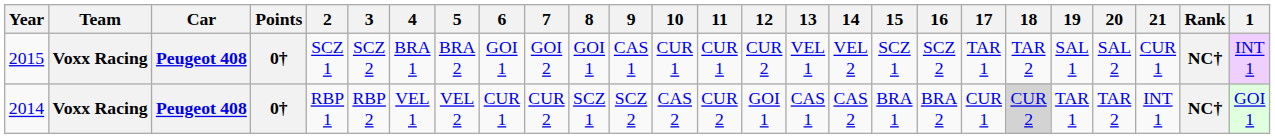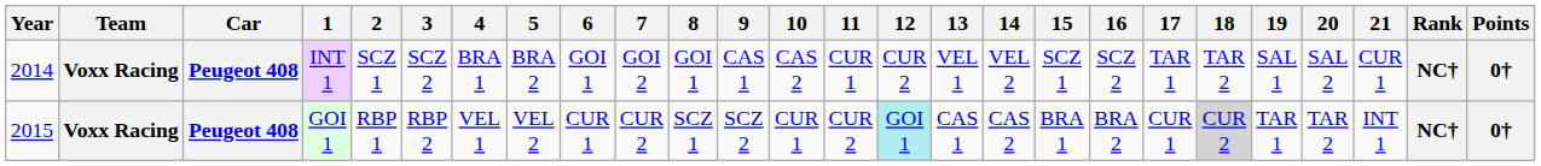 <table class="wikitable" style="text-align:center; font-size:85%">
 <tr>
 <th>Year</th>
 <th>Team</th>
 <th>Car</th>
-<th>Points</th>
+<th>1</th>
 <th>2</th>
 <th>3</th>
 <th>4</th>
 <th>5</th>
 <th>6</th>
 <th>7</th>
 <th>8</th>
 <th>9</th>
 <th>10</th>
 <th>11</th>
 <th>12</th>
 <th>13</th>
 <th>14</th>
 <th>15</th>
 <th>16</th>
 <th>17</th>
 <th>18</th>
 <th>19</th>
 <th>20</th>
 <th>21</th>
 <th>Rank</th>
-<th>1</th>
+<th>Points</th>
 </tr>
 <tr>
-<td><a href='#'>2015</a></td>
+<td><a href='#'>2014</a></td>
 <th nowrap>Voxx Racing</th>
 <th nowrap><a href='#'>Peugeot 408</a></th>
-<th>0†</th>
+<td style="background:#EFCFFF;"><a href='#'>INT<br>1</a><br></td>
 <td><a href='#'>SCZ<br>1</a></td>
 <td><a href='#'>SCZ<br>2</a></td>
 <td><a href='#'>BRA<br>1</a></td>
 <td><a href='#'>BRA<br>2</a></td>
 <td><a href='#'>GOI<br>1</a></td>
 <td><a href='#'>GOI<br>2</a></td>
 <td><a href='#'>GOI<br>1</a></td>
 <td><a href='#'>CAS<br>1</a></td>
-<td><a href='#'>CUR<br>1</a></td>
+<td><a href='#'>CAS<br>2</a></td>
 <td><a href='#'>CUR<br>1</a></td>
 <td><a href='#'>CUR<br>2</a></td>
 <td><a href='#'>VEL<br>1</a></td>
 <td><a href='#'>VEL<br>2</a></td>
 <td><a href='#'>SCZ<br>1</a></td>
 <td><a href='#'>SCZ<br>2</a></td>
 <td><a href='#'>TAR<br>1</a></td>
 <td><a href='#'>TAR<br>2</a></td>
 <td><a href='#'>SAL<br>1</a></td>
 <td><a href='#'>SAL<br>2</a></td>
 <td><a href='#'>CUR<br>1</a></td>
 <th>NC†</th>
-<td style="background:#EFCFFF;"><a href='#'>INT<br>1</a><br></td>
+<th>0†</th>
 </tr>
 <tr>
-<td><a href='#'>2014</a></td>
+<td><a href='#'>2015</a></td>
 <th nowrap>Voxx Racing</th>
 <th nowrap><a href='#'>Peugeot 408</a></th>
-<th>0†</th>
+<td style="background:#DFFFDF;"><a href='#'>GOI<br>1</a><br></td>
 <td><a href='#'>RBP<br>1</a></td>
 <td><a href='#'>RBP<br>2</a></td>
 <td><a href='#'>VEL<br>1</a></td>
 <td><a href='#'>VEL<br>2</a></td>
 <td><a href='#'>CUR<br>1</a></td>
 <td><a href='#'>CUR<br>2</a></td>
 <td><a href='#'>SCZ<br>1</a></td>
 <td><a href='#'>SCZ<br>2</a></td>
-<td><a href='#'>CAS<br>2</a></td>
+<td><a href='#'>CUR<br>1</a></td>
 <td><a href='#'>CUR<br>2</a></td>
-<td><a href='#'>GOI<br>1</a></td>
+<td style="background: paleturquoise;"><a href='#'>GOI<br>1</a></td>
 <td><a href='#'>CAS<br>1</a></td>
 <td><a href='#'>CAS<br>2</a></td>
 <td><a href='#'>BRA<br>1</a></td>
 <td><a href='#'>BRA<br>2</a></td>
 <td><a href='#'>CUR<br>1</a></td>
 <td style="background: lightgrey;"><a href='#'>CUR<br>2</a></td>
 <td><a href='#'>TAR<br>1</a></td>
 <td><a href='#'>TAR<br>2</a></td>
 <td><a href='#'>INT<br>1</a></td>
 <th>NC†</th>
-<td style="background:#DFFFDF;"><a href='#'>GOI<br>1</a><br></td>
+<th>0†</th>
 </tr>
 </table>
